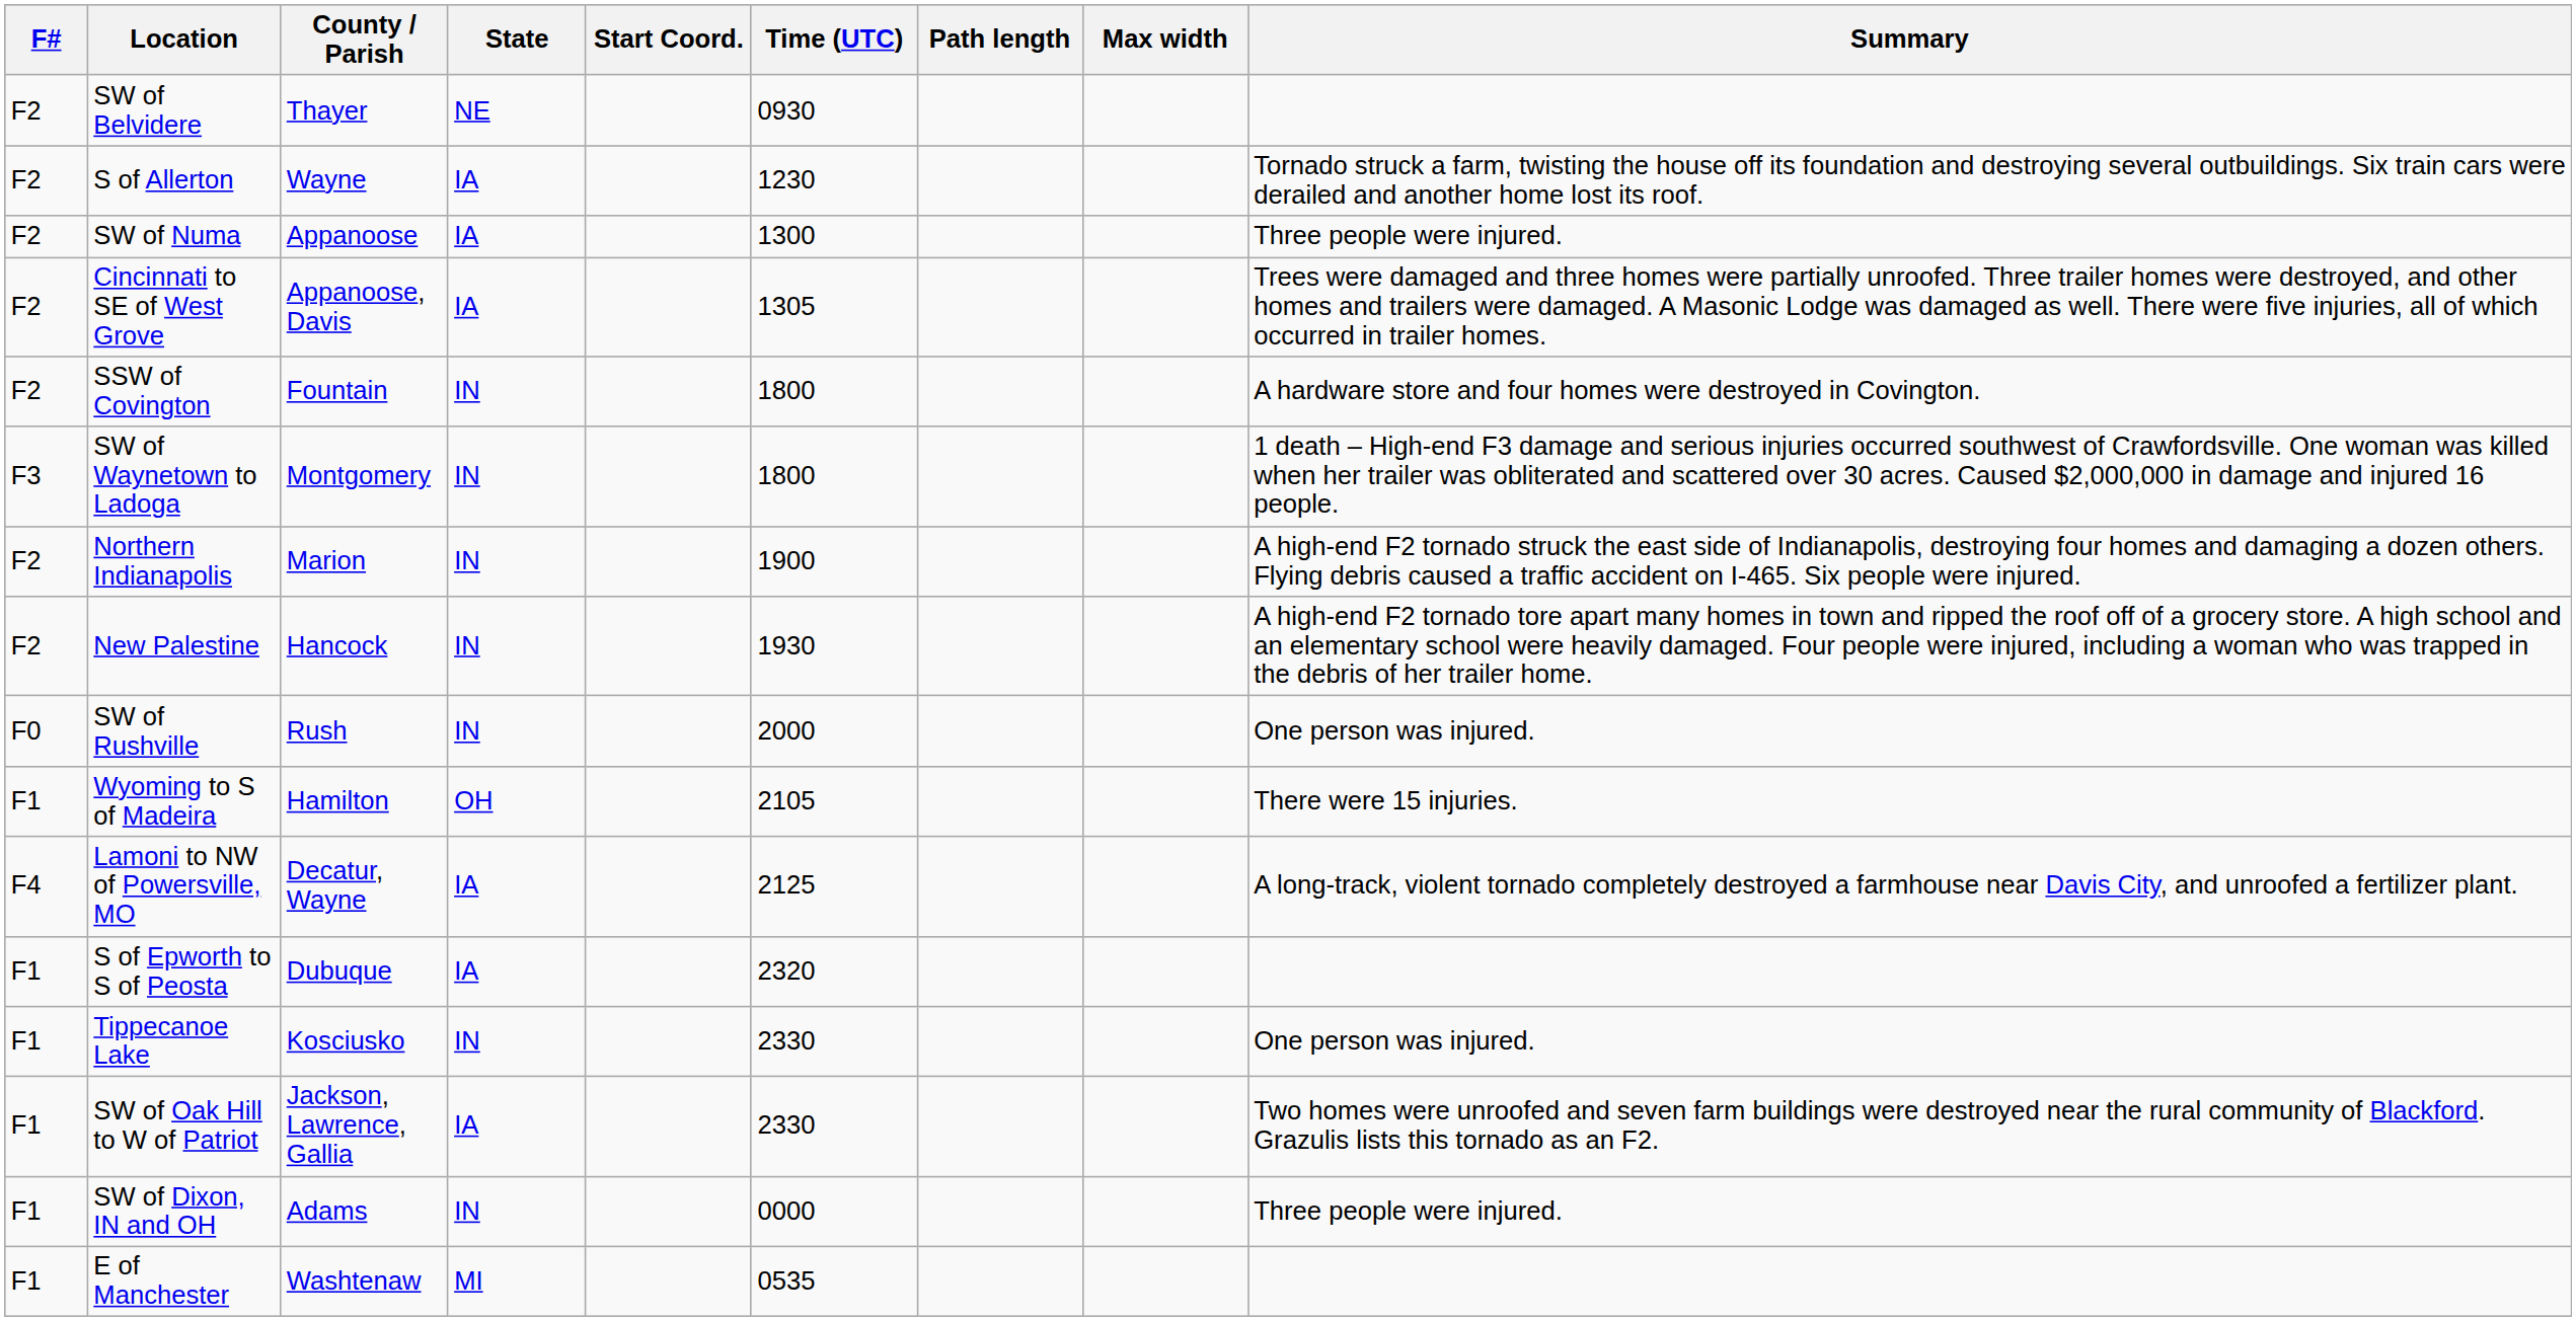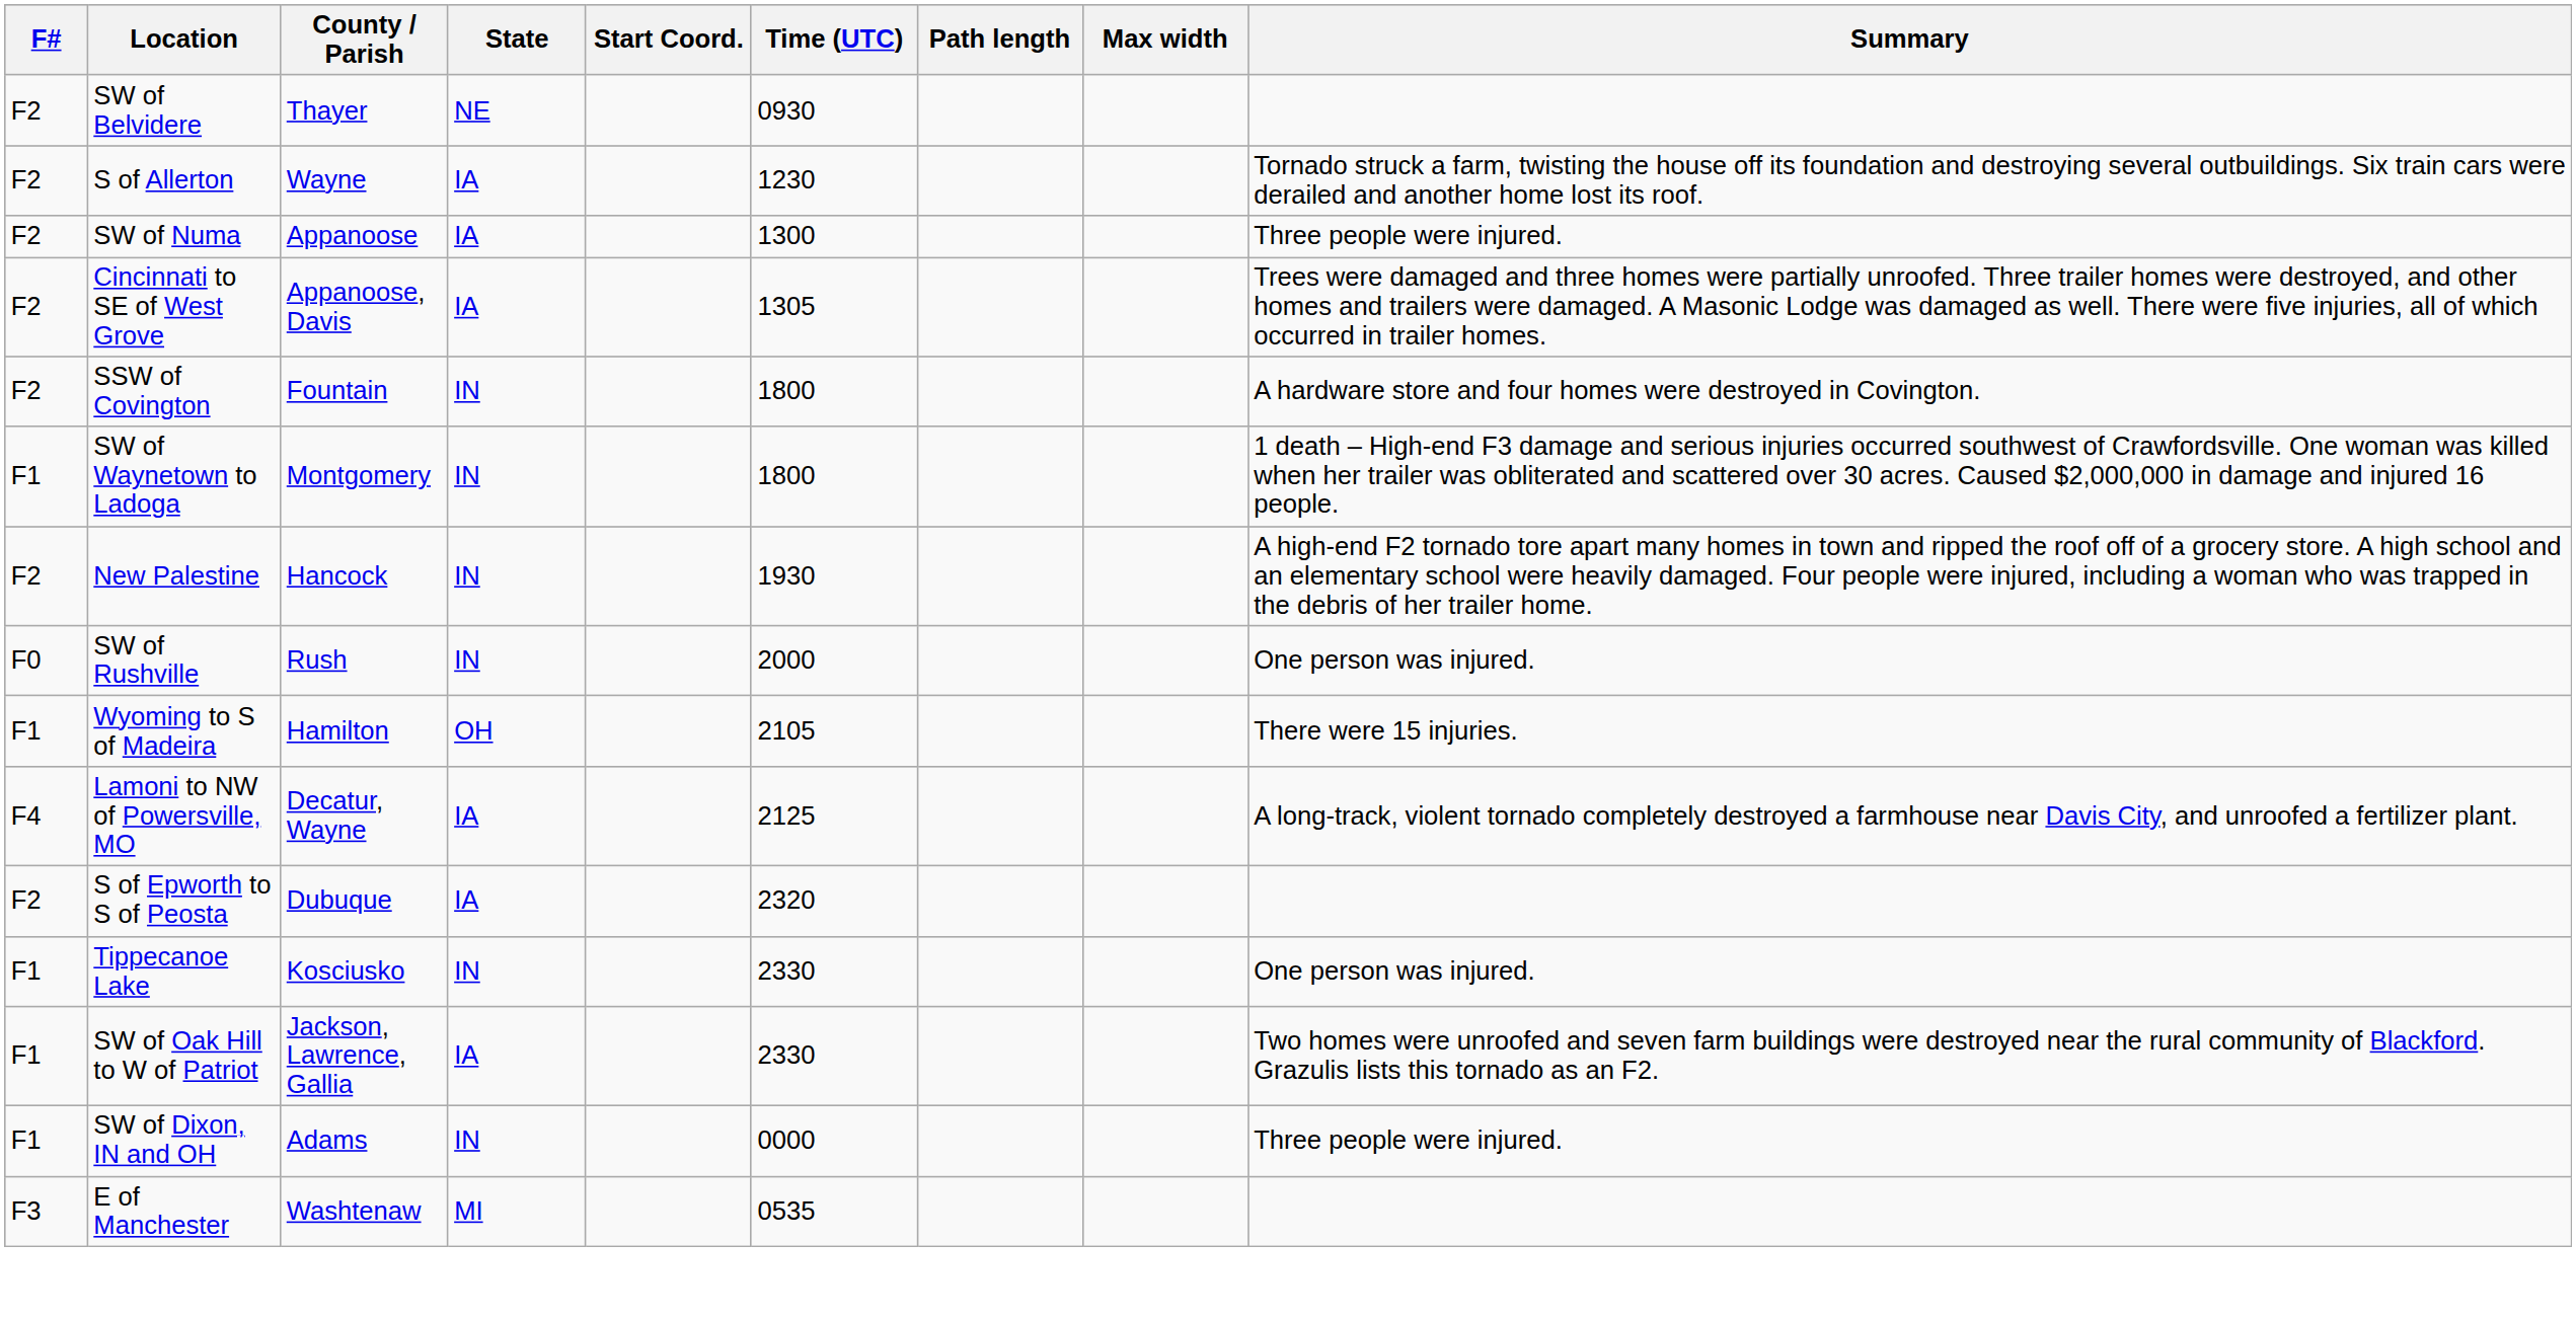 <table class="wikitable sortable" style="width:100%;">
 <tr>
 <th scope="col"  style="width:3%; text-align:center;"><a href='#'>F#</a></th>
 <th scope="col"  style="width:7%; text-align:center;" class="unsortable">Location</th>
 <th scope="col"  style="width:6%; text-align:center;" class="unsortable">County / Parish</th>
 <th scope="col"  style="width:5%; text-align:center;">State</th>
 <th scope="col"  style="width:6%; text-align:center;">Start Coord.</th>
 <th scope="col"  style="width:6%; text-align:center;">Time (<a href='#'>UTC</a>)</th>
 <th scope="col"  style="width:6%; text-align:center;">Path length</th>
 <th scope="col"  style="width:6%; text-align:center;">Max width</th>
 <th scope="col" class="unsortable" style="width:48%; text-align:center;">Summary</th>
 </tr>
 <tr>
 <td>F2</td>
 <td>SW of <a href='#'>Belvidere</a></td>
 <td><a href='#'>Thayer</a></td>
 <td><a href='#'>NE</a></td>
 <td></td>
 <td>0930</td>
 <td></td>
 <td></td>
 <td></td>
 </tr>
 <tr>
 <td>F2</td>
 <td>S of <a href='#'>Allerton</a></td>
 <td><a href='#'>Wayne</a></td>
 <td><a href='#'>IA</a></td>
 <td></td>
 <td>1230</td>
 <td></td>
 <td></td>
 <td>Tornado struck a farm, twisting the house off its foundation and destroying several outbuildings. Six train cars were derailed and another home lost its roof.</td>
 </tr>
 <tr>
 <td>F2</td>
 <td>SW of <a href='#'>Numa</a></td>
 <td><a href='#'>Appanoose</a></td>
 <td><a href='#'>IA</a></td>
 <td></td>
 <td>1300</td>
 <td></td>
 <td></td>
 <td>Three people were injured.</td>
 </tr>
 <tr>
 <td>F2</td>
 <td><a href='#'>Cincinnati</a> to SE of <a href='#'>West Grove</a></td>
 <td><a href='#'>Appanoose</a>, <a href='#'>Davis</a></td>
 <td><a href='#'>IA</a></td>
 <td></td>
 <td>1305</td>
 <td></td>
 <td></td>
 <td>Trees were damaged and three homes were partially unroofed. Three trailer homes were destroyed, and other homes and trailers were damaged. A Masonic Lodge was damaged as well. There were five injuries, all of which occurred in trailer homes.</td>
 </tr>
 <tr>
 <td>F2</td>
 <td>SSW of <a href='#'>Covington</a></td>
 <td><a href='#'>Fountain</a></td>
 <td><a href='#'>IN</a></td>
 <td></td>
 <td>1800</td>
 <td></td>
 <td></td>
 <td>A hardware store and four homes were destroyed in Covington.</td>
 </tr>
 <tr>
-<td>F3</td>
+<td>F1</td>
 <td>SW of <a href='#'>Waynetown</a> to <a href='#'>Ladoga</a></td>
 <td><a href='#'>Montgomery</a></td>
 <td><a href='#'>IN</a></td>
 <td></td>
 <td>1800</td>
 <td></td>
 <td></td>
 <td>1 death – High-end F3 damage and serious injuries occurred southwest of Crawfordsville. One woman was killed when her trailer was obliterated and scattered over 30 acres. Caused $2,000,000 in damage and injured 16 people.</td>
-</tr>
-<tr>
-<td>F2</td>
-<td><a href='#'>Northern Indianapolis</a></td>
-<td><a href='#'>Marion</a></td>
-<td><a href='#'>IN</a></td>
-<td></td>
-<td>1900</td>
-<td></td>
-<td></td>
-<td>A high-end F2 tornado struck the east side of Indianapolis, destroying four homes and damaging a dozen others. Flying debris caused a traffic accident on I-465. Six people were injured.</td>
 </tr>
 <tr>
 <td>F2</td>
 <td><a href='#'>New Palestine</a></td>
 <td><a href='#'>Hancock</a></td>
 <td><a href='#'>IN</a></td>
 <td></td>
 <td>1930</td>
 <td></td>
 <td></td>
 <td>A high-end F2 tornado tore apart many homes in town and ripped the roof off of a grocery store. A high school and an elementary school were heavily damaged. Four people were injured, including a woman who was trapped in the debris of her trailer home.</td>
 </tr>
 <tr>
 <td>F0</td>
 <td>SW of <a href='#'>Rushville</a></td>
 <td><a href='#'>Rush</a></td>
 <td><a href='#'>IN</a></td>
 <td></td>
 <td>2000</td>
 <td></td>
 <td></td>
 <td>One person was injured.</td>
 </tr>
 <tr>
 <td>F1</td>
 <td><a href='#'>Wyoming</a> to S of <a href='#'>Madeira</a></td>
 <td><a href='#'>Hamilton</a></td>
 <td><a href='#'>OH</a></td>
 <td></td>
 <td>2105</td>
 <td></td>
 <td></td>
 <td>There were 15 injuries.</td>
 </tr>
 <tr>
 <td>F4</td>
 <td><a href='#'>Lamoni</a> to NW of <a href='#'>Powersville, MO</a></td>
 <td><a href='#'>Decatur</a>, <a href='#'>Wayne</a></td>
 <td><a href='#'>IA</a></td>
 <td></td>
 <td>2125</td>
 <td></td>
 <td></td>
 <td>A long-track, violent tornado completely destroyed a farmhouse near <a href='#'>Davis City</a>, and unroofed a fertilizer plant.</td>
 </tr>
 <tr>
-<td>F1</td>
+<td>F2</td>
 <td>S of <a href='#'>Epworth</a> to S of <a href='#'>Peosta</a></td>
 <td><a href='#'>Dubuque</a></td>
 <td><a href='#'>IA</a></td>
 <td></td>
 <td>2320</td>
 <td></td>
 <td></td>
 <td></td>
 </tr>
 <tr>
 <td>F1</td>
 <td><a href='#'>Tippecanoe Lake</a></td>
 <td><a href='#'>Kosciusko</a></td>
 <td><a href='#'>IN</a></td>
 <td></td>
 <td>2330</td>
 <td></td>
 <td></td>
 <td>One person was injured.</td>
 </tr>
 <tr>
 <td>F1</td>
 <td>SW of <a href='#'>Oak Hill</a> to W of <a href='#'>Patriot</a></td>
 <td><a href='#'>Jackson</a>, <a href='#'>Lawrence</a>, <a href='#'>Gallia</a></td>
 <td><a href='#'>IA</a></td>
 <td></td>
 <td>2330</td>
 <td></td>
 <td></td>
 <td>Two homes were unroofed and seven farm buildings were destroyed near the rural community of <a href='#'>Blackford</a>. Grazulis lists this tornado as an F2.</td>
 </tr>
 <tr>
 <td>F1</td>
 <td>SW of <a href='#'>Dixon, IN and OH</a></td>
 <td><a href='#'>Adams</a></td>
 <td><a href='#'>IN</a></td>
 <td></td>
 <td>0000</td>
 <td></td>
 <td></td>
 <td>Three people were injured.</td>
 </tr>
 <tr>
-<td>F1</td>
+<td>F3</td>
 <td>E of <a href='#'>Manchester</a></td>
 <td><a href='#'>Washtenaw</a></td>
 <td><a href='#'>MI</a></td>
 <td></td>
 <td>0535</td>
 <td></td>
 <td></td>
 <td></td>
 </tr>
 </table>
